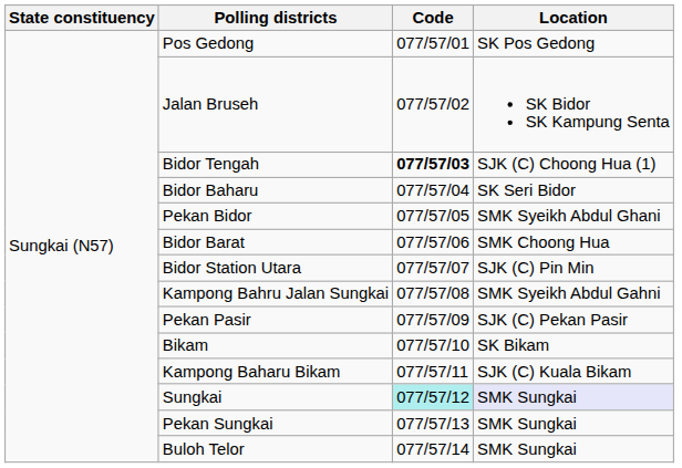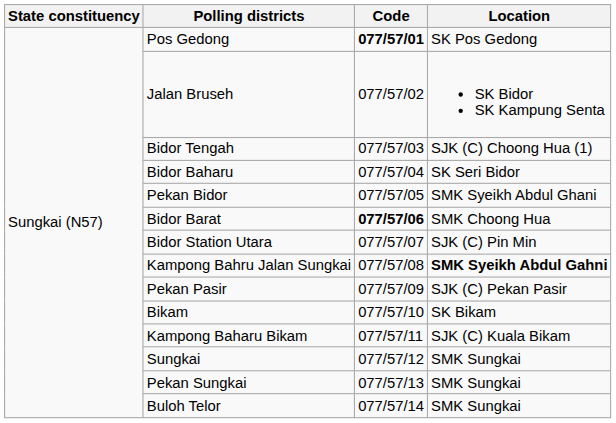 <table class="wikitable sortable mw-collapsible" style="white-space:nowrap;font-size:85%">
 <tr>
 <th>State constituency</th>
 <th>Polling districts</th>
 <th>Code</th>
 <th>Location</th>
 </tr>
 <tr>
 <td rowspan="14">Sungkai (N57)</td>
 <td>Pos Gedong</td>
-<td>077/57/01</td>
+<td><strong>077/57/01</strong></td>
 <td>SK Pos Gedong</td>
 </tr>
 <tr>
 <td>Jalan Bruseh</td>
 <td>077/57/02</td>
 <td><br><ul><li>SK Bidor</li><li>SK Kampung Senta</li></ul></td>
 </tr>
 <tr>
 <td>Bidor Tengah</td>
-<td><strong>077/57/03</strong></td>
+<td>077/57/03</td>
 <td>SJK (C) Choong Hua (1)</td>
 </tr>
 <tr>
 <td>Bidor Baharu</td>
 <td>077/57/04</td>
 <td>SK Seri Bidor</td>
 </tr>
 <tr>
 <td>Pekan Bidor</td>
 <td>077/57/05</td>
 <td>SMK Syeikh Abdul Ghani</td>
 </tr>
 <tr>
 <td>Bidor Barat</td>
-<td>077/57/06</td>
+<td><strong>077/57/06</strong></td>
 <td>SMK Choong Hua</td>
 </tr>
 <tr>
 <td>Bidor Station Utara</td>
 <td>077/57/07</td>
 <td>SJK (C) Pin Min</td>
 </tr>
 <tr>
 <td>Kampong Bahru Jalan Sungkai</td>
 <td>077/57/08</td>
-<td>SMK Syeikh Abdul Gahni</td>
+<td><strong>SMK Syeikh Abdul Gahni</strong></td>
 </tr>
 <tr>
 <td>Pekan Pasir</td>
 <td>077/57/09</td>
 <td>SJK (C) Pekan Pasir</td>
 </tr>
 <tr>
 <td>Bikam</td>
 <td>077/57/10</td>
 <td>SK Bikam</td>
 </tr>
 <tr>
 <td>Kampong Baharu Bikam</td>
 <td>077/57/11</td>
 <td>SJK (C) Kuala Bikam</td>
 </tr>
 <tr>
 <td>Sungkai</td>
-<td style="background: paleturquoise;">077/57/12</td>
-<td style="background: lavender;">SMK Sungkai</td>
+<td>077/57/12</td>
+<td>SMK Sungkai</td>
 </tr>
 <tr>
 <td>Pekan Sungkai</td>
 <td>077/57/13</td>
 <td>SMK Sungkai</td>
 </tr>
 <tr>
 <td>Buloh Telor</td>
 <td>077/57/14</td>
 <td>SMK Sungkai</td>
 </tr>
 </table>
